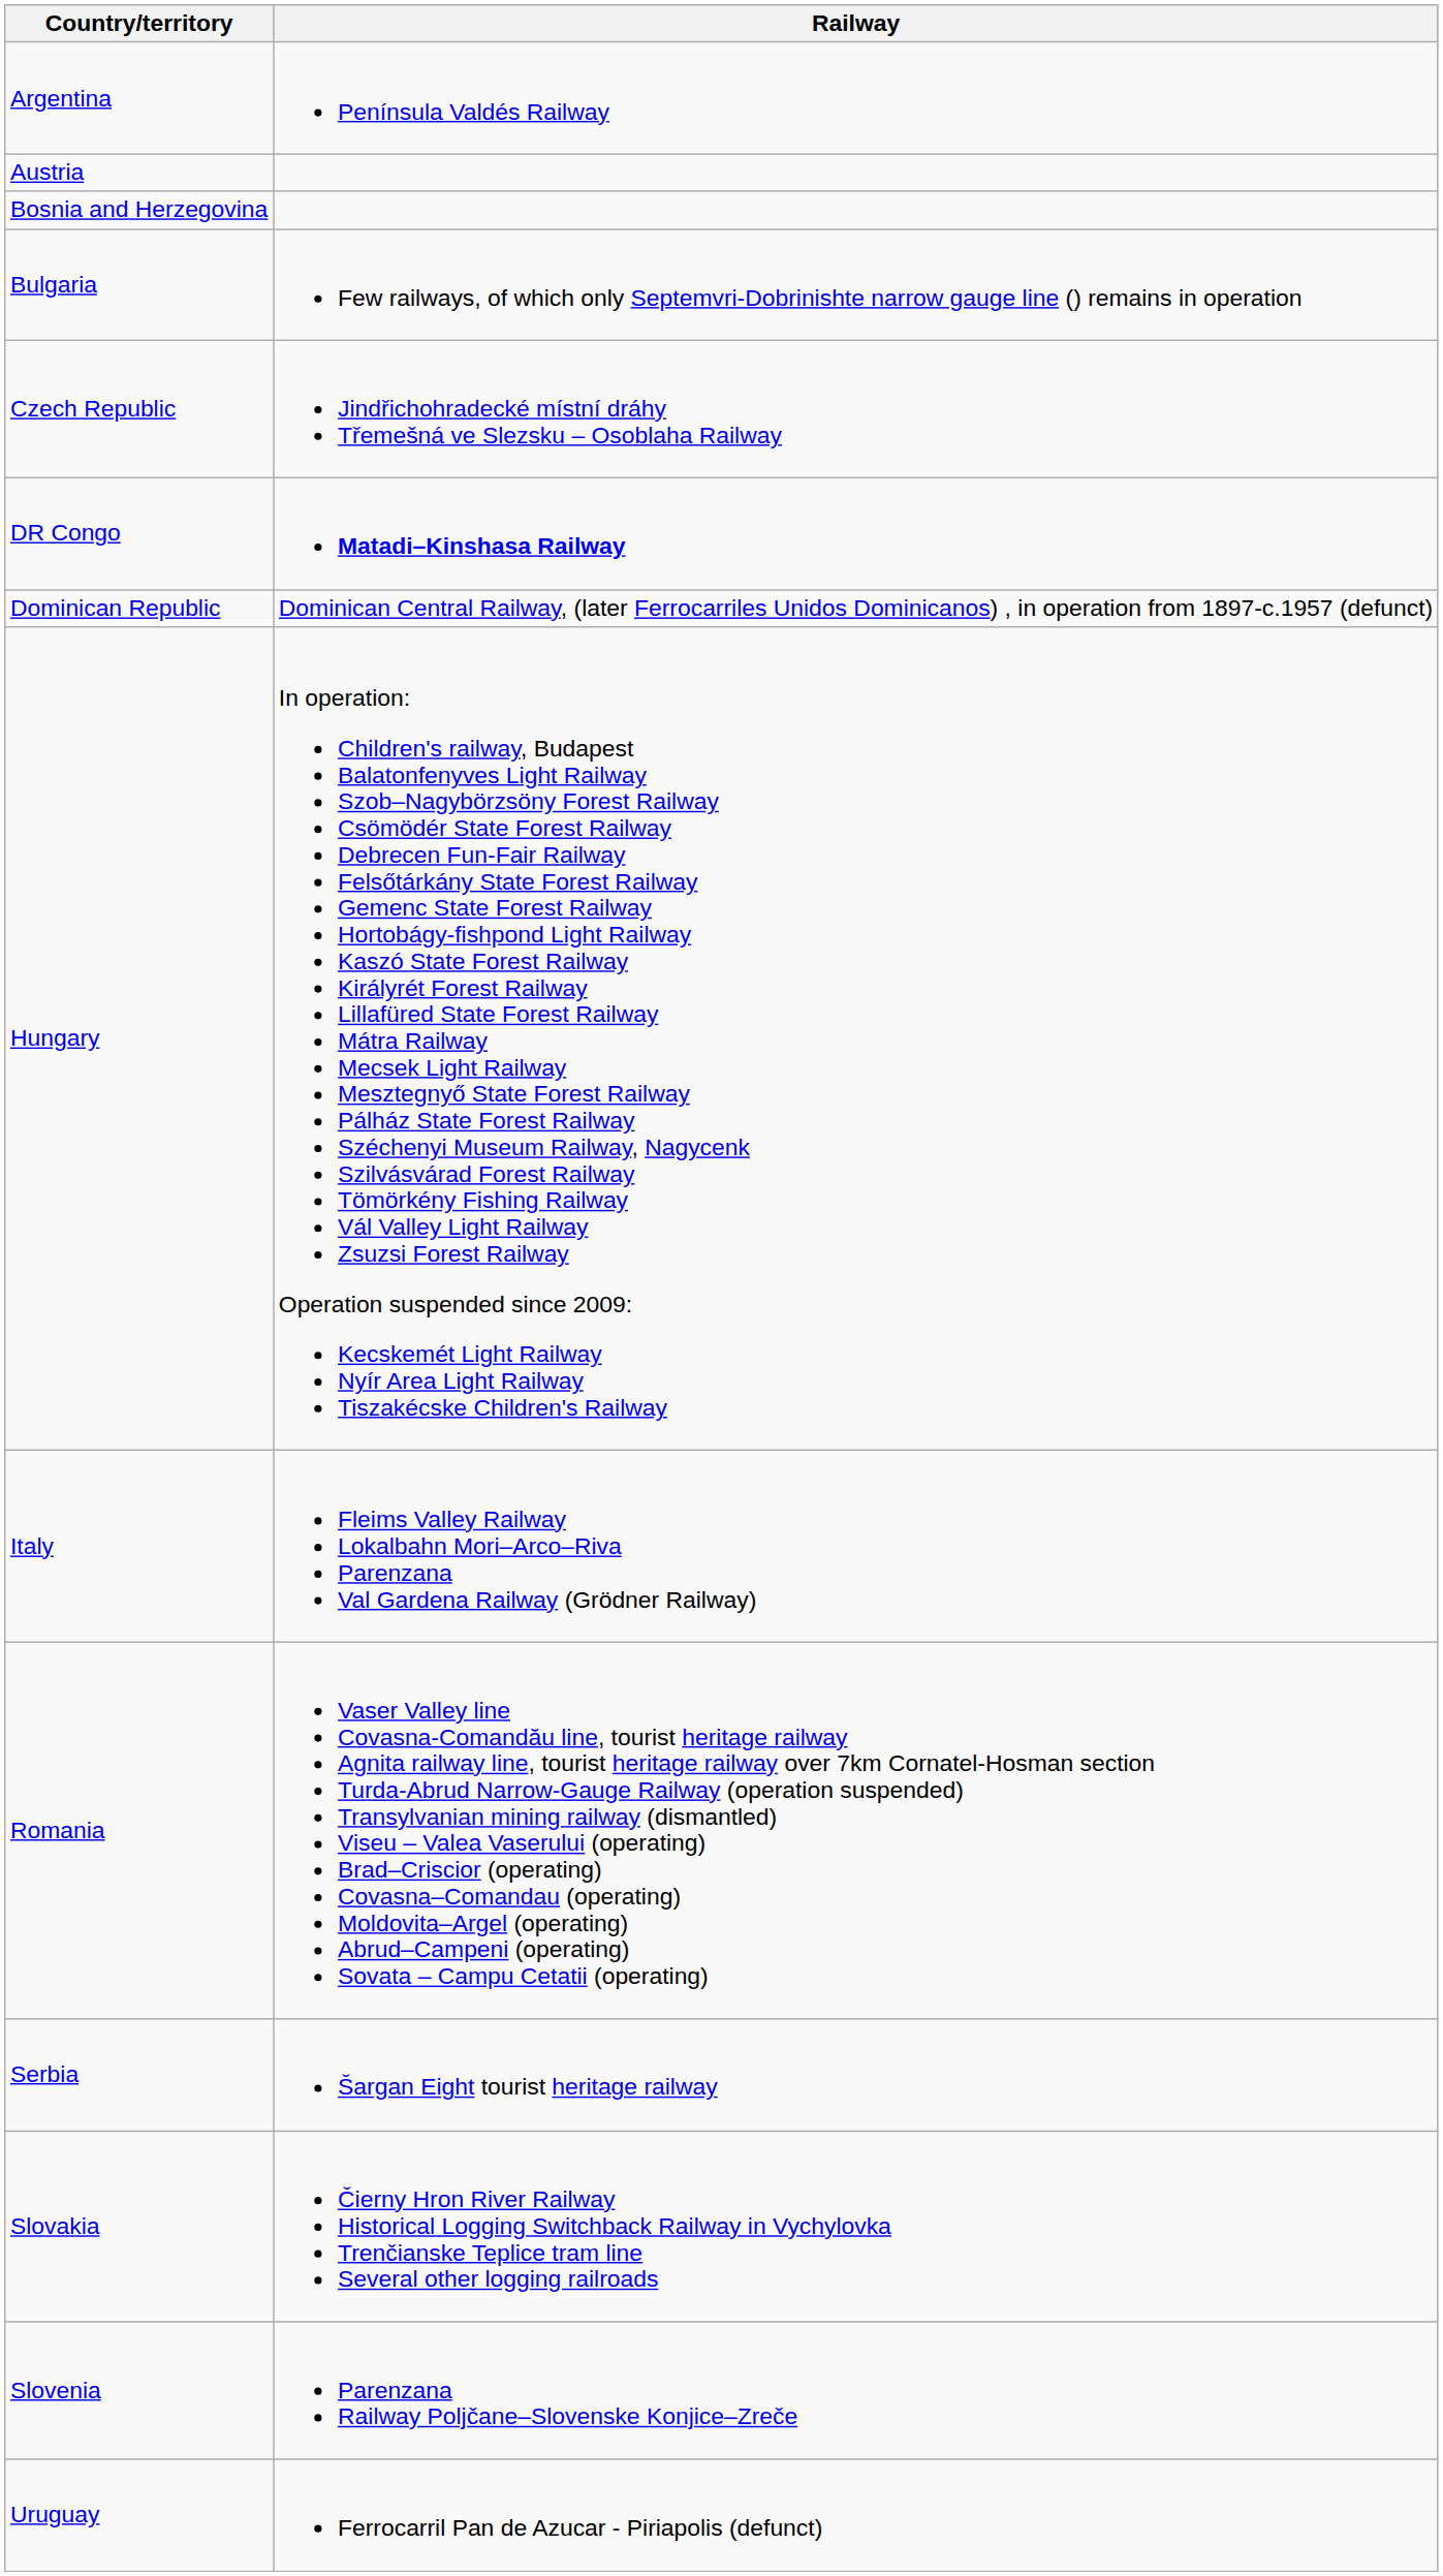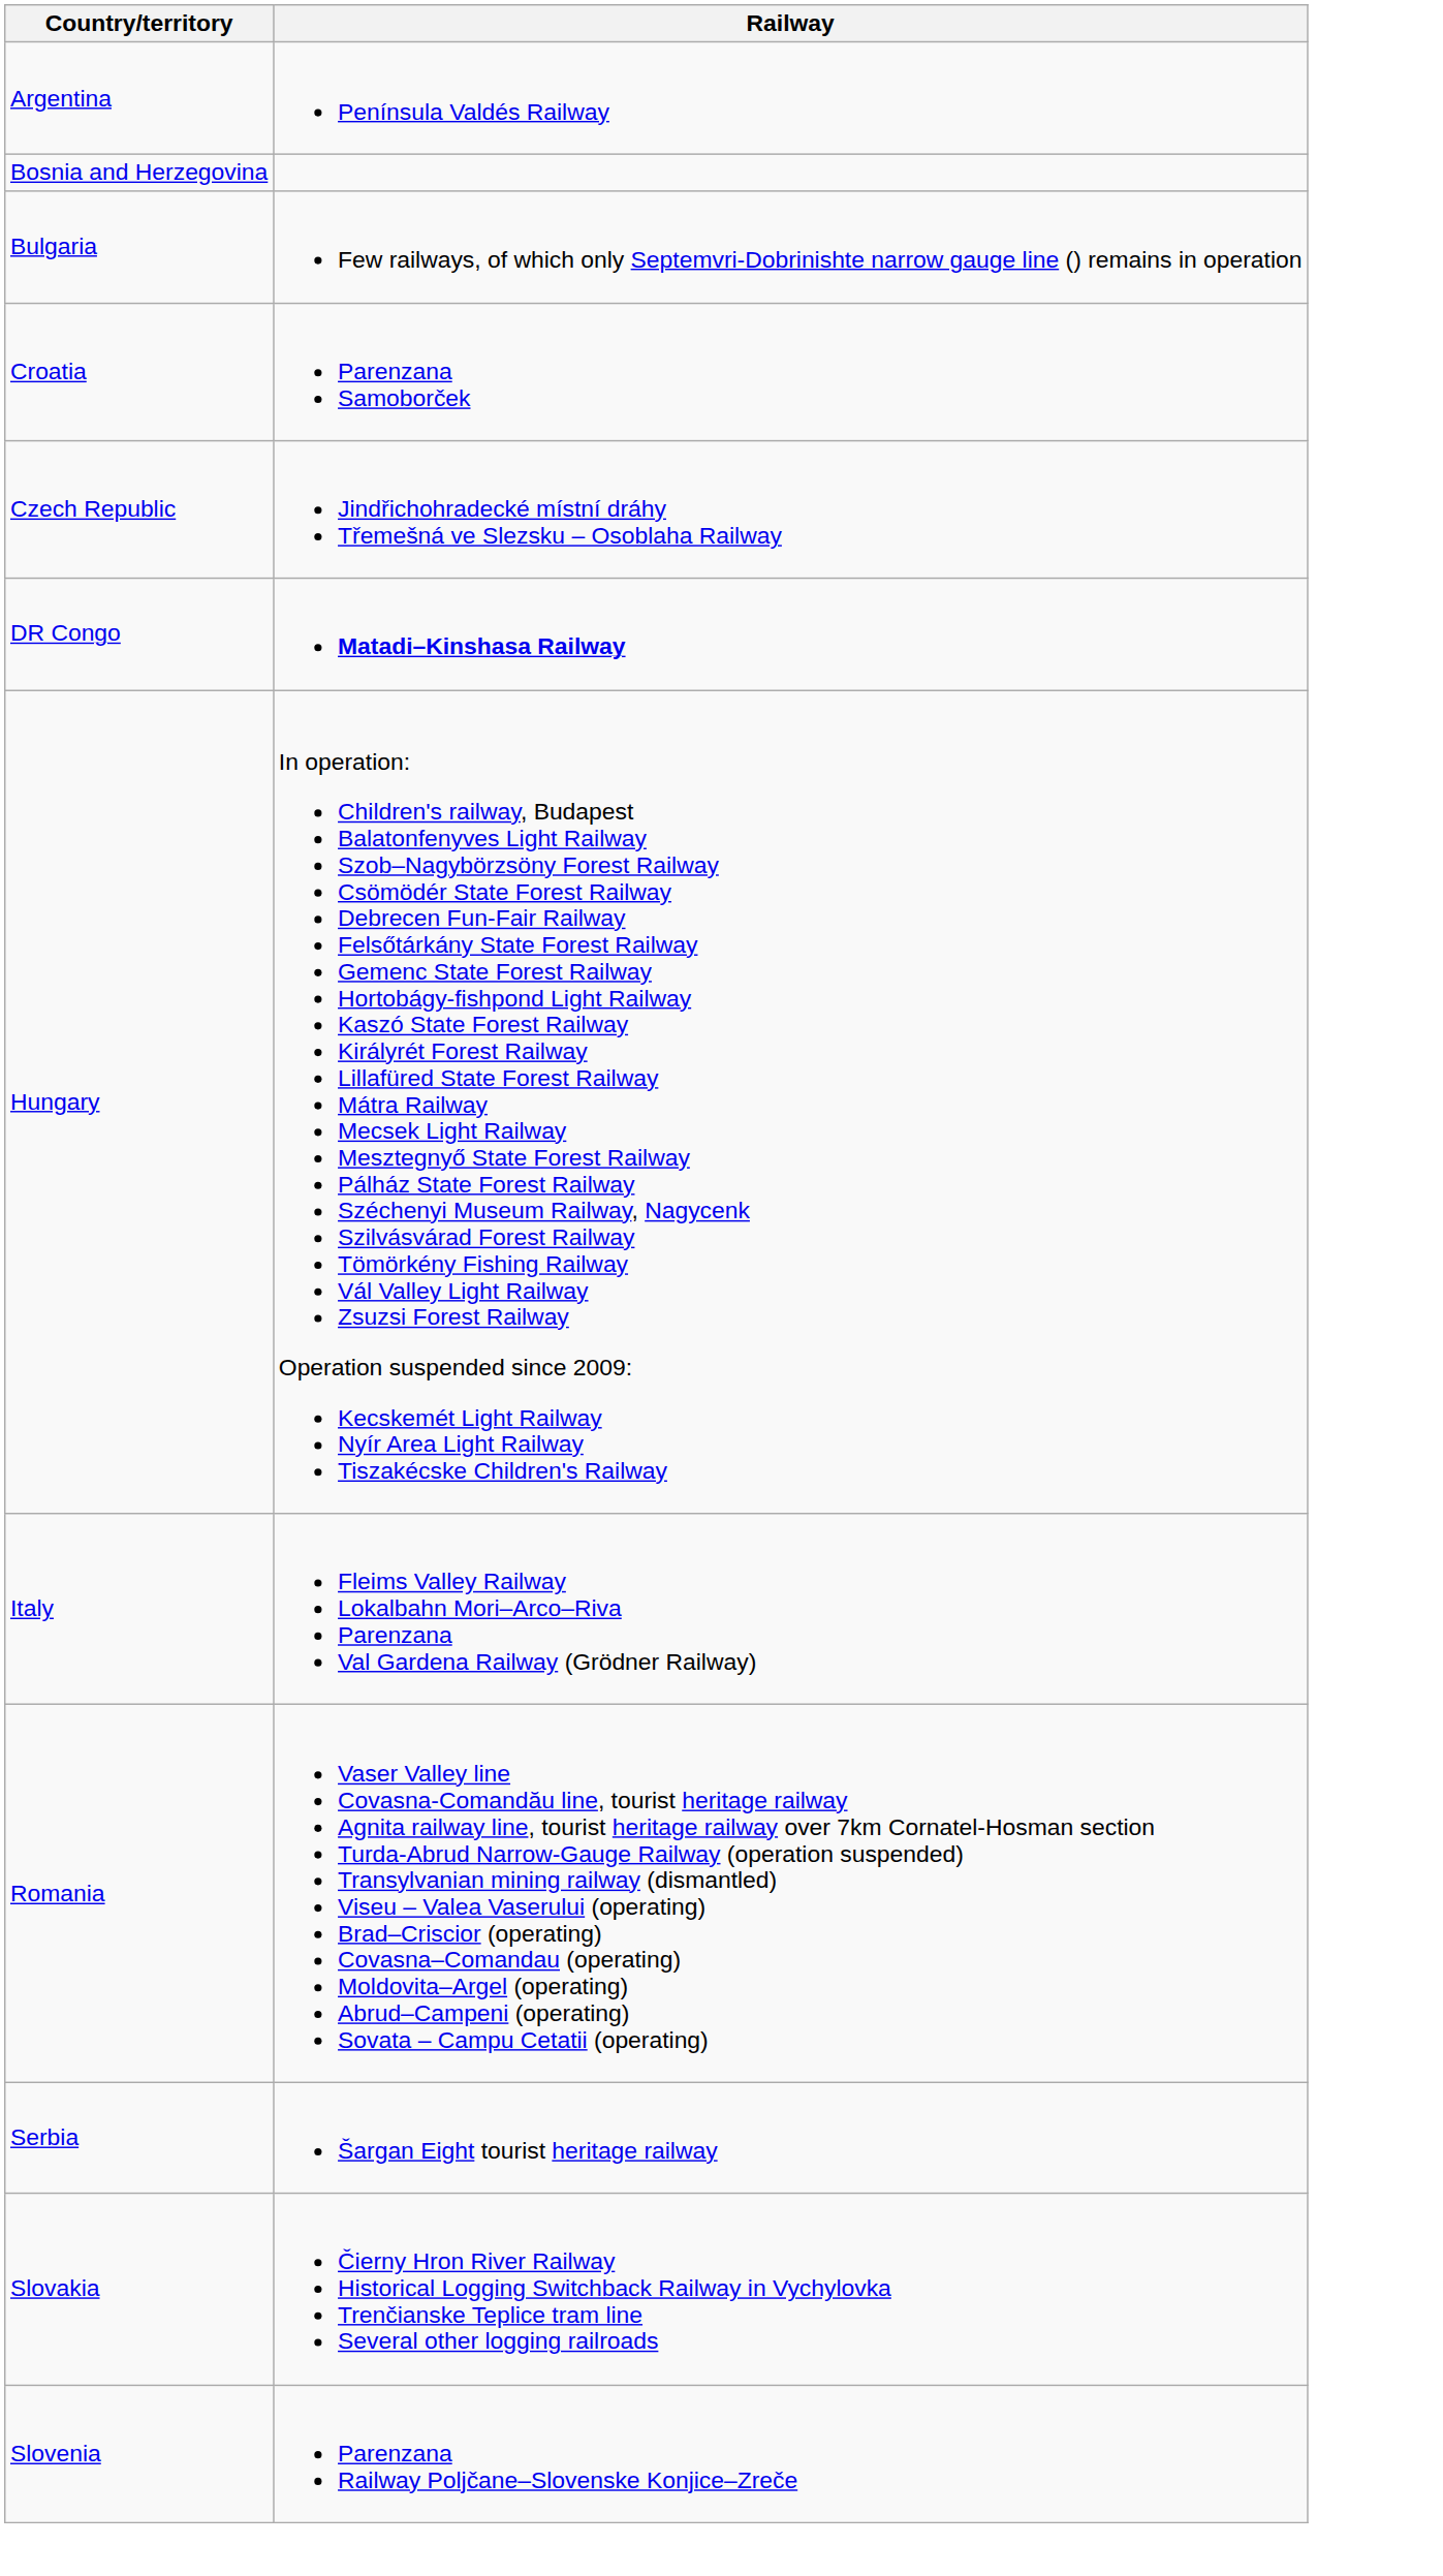 <table class=wikitable>
 <tr>
 <th>Country/territory</th>
 <th>Railway</th>
 </tr>
 <tr>
 <td><a href='#'>Argentina</a></td>
 <td><br><ul><li><a href='#'>Península Valdés Railway</a></li></ul></td>
 </tr>
 <tr>
-<td><a href='#'>Austria</a></td>
-<td><br></td>
-</tr>
-<tr>
 <td><a href='#'>Bosnia and Herzegovina</a></td>
 <td><br></td>
 </tr>
 <tr>
 <td><a href='#'>Bulgaria</a></td>
 <td><br><ul><li>Few railways, of which only <a href='#'>Septemvri-Dobrinishte narrow gauge line</a> () remains in operation</li></ul></td>
 </tr>
 <tr>
+<td><a href='#'>Croatia</a></td>
+<td><br><ul><li><a href='#'>Parenzana</a></li><li><a href='#'>Samoborček</a></li></ul></td>
+</tr>
+<tr>
 <td><a href='#'>Czech Republic</a></td>
 <td><br><ul><li><a href='#'>Jindřichohradecké místní dráhy</a></li><li><a href='#'>Třemešná ve Slezsku – Osoblaha Railway</a></li></ul></td>
 </tr>
 <tr>
 <td><a href='#'>DR Congo</a></td>
 <td><strong><br><ul><li><a href='#'>Matadi–Kinshasa Railway</a></li></ul></strong></td>
-</tr>
-<tr>
-<td><a href='#'>Dominican Republic</a></td>
-<td><a href='#'>Dominican Central Railway</a>, (later <a href='#'>Ferrocarriles Unidos Dominicanos</a>) , in operation from 1897-c.1957 (defunct) </td>
 </tr>
 <tr>
 <td><a href='#'>Hungary</a></td>
 <td><br><br>In operation: <ul><li><a href='#'>Children's railway</a>, Budapest</li><li><a href='#'>Balatonfenyves Light Railway</a></li><li><a href='#'>Szob–Nagybörzsöny Forest Railway</a></li><li><a href='#'>Csömödér State Forest Railway</a></li><li><a href='#'>Debrecen Fun-Fair Railway</a></li><li><a href='#'>Felsőtárkány State Forest Railway</a></li><li><a href='#'>Gemenc State Forest Railway</a></li><li><a href='#'>Hortobágy-fishpond Light Railway</a></li><li><a href='#'>Kaszó State Forest Railway</a></li><li><a href='#'>Királyrét Forest Railway</a></li><li><a href='#'>Lillafüred State Forest Railway</a></li><li><a href='#'>Mátra Railway</a></li><li><a href='#'>Mecsek Light Railway</a></li><li><a href='#'>Mesztegnyő State Forest Railway</a></li><li><a href='#'>Pálház State Forest Railway</a></li><li><a href='#'>Széchenyi Museum Railway</a>, <a href='#'>Nagycenk</a></li><li><a href='#'>Szilvásvárad Forest Railway</a></li><li><a href='#'>Tömörkény Fishing Railway</a></li><li><a href='#'>Vál Valley Light Railway</a></li><li><a href='#'>Zsuzsi Forest Railway</a></li></ul> Operation suspended since 2009: <ul><li><a href='#'>Kecskemét Light Railway</a></li><li><a href='#'>Nyír Area Light Railway</a></li><li><a href='#'>Tiszakécske Children's Railway</a></li></ul></td>
 </tr>
 <tr>
 <td><a href='#'>Italy</a></td>
 <td><br><ul><li><a href='#'>Fleims Valley Railway</a></li><li><a href='#'>Lokalbahn Mori–Arco–Riva</a></li><li><a href='#'>Parenzana</a></li><li><a href='#'>Val Gardena Railway</a> (Grödner Railway)</li></ul></td>
 </tr>
 <tr>
 <td><a href='#'>Romania</a></td>
 <td><br> <ul><li><a href='#'>Vaser Valley line</a></li><li><a href='#'>Covasna-Comandău line</a>, tourist <a href='#'>heritage railway</a></li><li><a href='#'>Agnita railway line</a>, tourist <a href='#'>heritage railway</a> over 7km Cornatel-Hosman section</li><li><a href='#'>Turda-Abrud Narrow-Gauge Railway</a> (operation suspended)</li><li><a href='#'>Transylvanian mining railway</a> (dismantled)</li><li><a href='#'>Viseu – Valea Vaserului</a> (operating)</li><li><a href='#'>Brad–Criscior</a> (operating)</li><li><a href='#'>Covasna–Comandau</a> (operating)</li><li><a href='#'>Moldovita–Argel</a> (operating)</li><li><a href='#'>Abrud–Campeni</a> (operating)</li><li><a href='#'>Sovata – Campu Cetatii</a> (operating)</li></ul></td>
 </tr>
 <tr>
 <td><a href='#'>Serbia</a></td>
 <td><br><ul><li><a href='#'>Šargan Eight</a> tourist <a href='#'>heritage railway</a></li></ul></td>
 </tr>
 <tr>
 <td><a href='#'>Slovakia</a></td>
 <td><br><ul><li><a href='#'>Čierny Hron River Railway</a></li><li><a href='#'>Historical Logging Switchback Railway in Vychylovka</a></li><li><a href='#'>Trenčianske Teplice tram line</a></li><li><a href='#'>Several other logging railroads</a></li></ul></td>
 </tr>
 <tr>
 <td><a href='#'>Slovenia</a></td>
 <td><br><ul><li><a href='#'>Parenzana</a></li><li><a href='#'>Railway Poljčane–Slovenske Konjice–Zreče</a></li></ul></td>
 </tr>
-<tr>
-<td><a href='#'>Uruguay</a></td>
-<td><br><ul><li>Ferrocarril Pan de Azucar - Piriapolis (defunct)</li></ul></td>
-</tr>
 </table>
